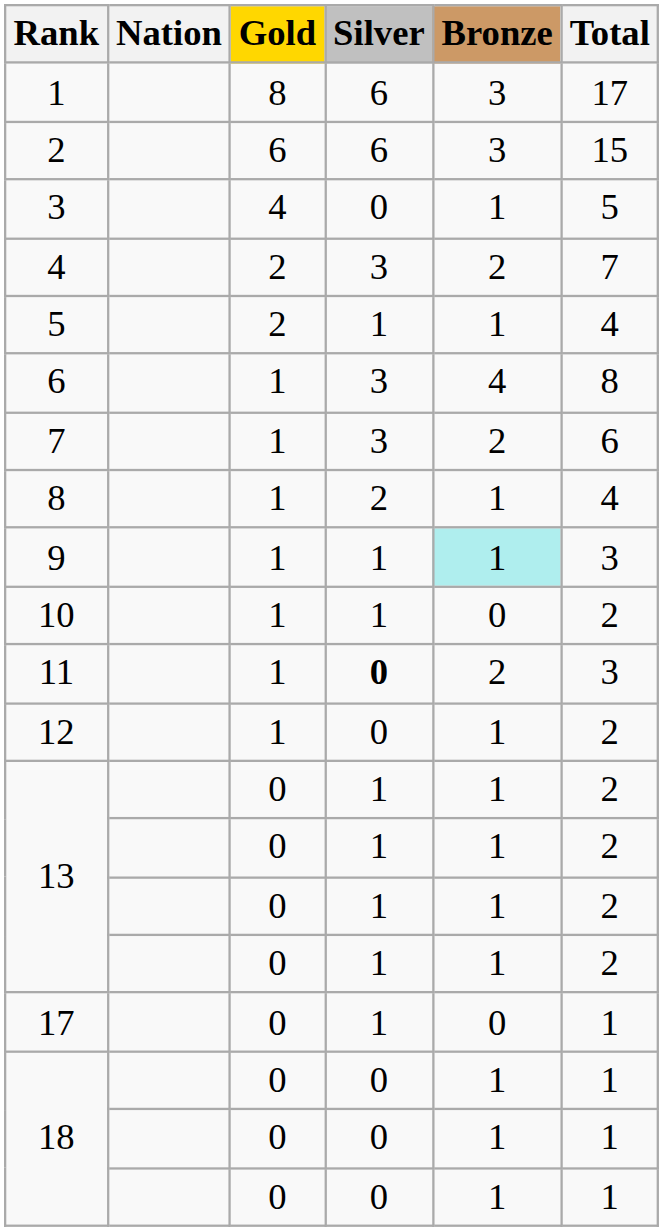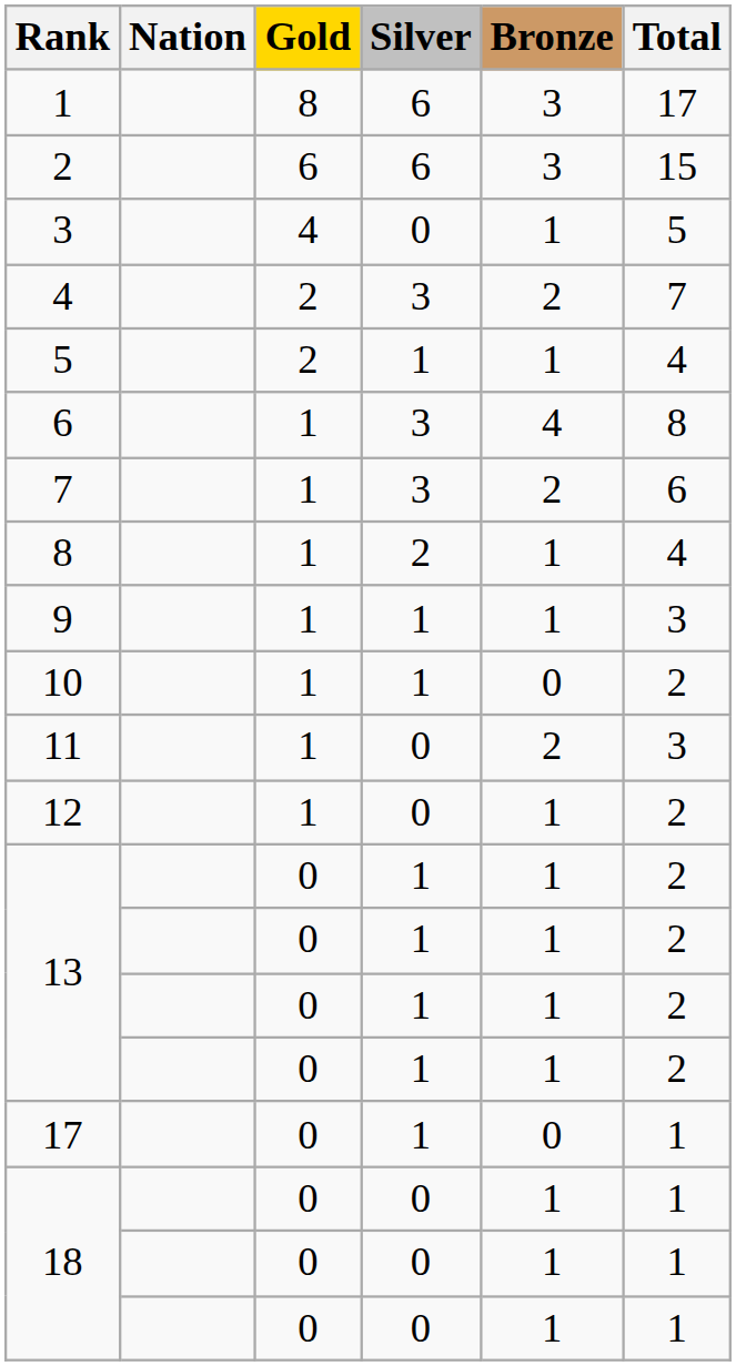 <table class="wikitable sortable" style="text-align:center">
 <tr>
 <th>Rank</th>
 <th>Nation</th>
 <th style="background-color:gold">Gold</th>
 <th style="background-color:silver">Silver</th>
 <th style="background-color:#cc9966">Bronze</th>
 <th>Total</th>
 </tr>
 <tr>
 <td>1</td>
 <td align=left></td>
 <td>8</td>
 <td>6</td>
 <td>3</td>
 <td>17</td>
 </tr>
 <tr>
 <td>2</td>
 <td align=left></td>
 <td>6</td>
 <td>6</td>
 <td>3</td>
 <td>15</td>
 </tr>
 <tr>
 <td>3</td>
 <td align=left></td>
 <td>4</td>
 <td>0</td>
 <td>1</td>
 <td>5</td>
 </tr>
 <tr>
 <td>4</td>
 <td align=left></td>
 <td>2</td>
 <td>3</td>
 <td>2</td>
 <td>7</td>
 </tr>
 <tr>
 <td>5</td>
 <td align=left></td>
 <td>2</td>
 <td>1</td>
 <td>1</td>
 <td>4</td>
 </tr>
 <tr>
 <td>6</td>
 <td align=left></td>
 <td>1</td>
 <td>3</td>
 <td>4</td>
 <td>8</td>
 </tr>
 <tr>
 <td>7</td>
 <td align=left></td>
 <td>1</td>
 <td>3</td>
 <td>2</td>
 <td>6</td>
 </tr>
 <tr>
 <td>8</td>
 <td align=left></td>
 <td>1</td>
 <td>2</td>
 <td>1</td>
 <td>4</td>
 </tr>
 <tr>
 <td>9</td>
 <td align=left></td>
 <td>1</td>
 <td>1</td>
-<td style="background: paleturquoise;">1</td>
+<td>1</td>
 <td>3</td>
 </tr>
 <tr>
 <td>10</td>
 <td align=left></td>
 <td>1</td>
 <td>1</td>
 <td>0</td>
 <td>2</td>
 </tr>
 <tr>
 <td>11</td>
 <td align=left></td>
 <td>1</td>
-<td><strong>0</strong></td>
+<td>0</td>
 <td>2</td>
 <td>3</td>
 </tr>
 <tr>
 <td>12</td>
 <td align=left></td>
 <td>1</td>
 <td>0</td>
 <td>1</td>
 <td>2</td>
 </tr>
 <tr>
 <td rowspan=4>13</td>
 <td align=left></td>
 <td>0</td>
 <td>1</td>
 <td>1</td>
 <td>2</td>
 </tr>
 <tr>
 <td align=left></td>
 <td>0</td>
 <td>1</td>
 <td>1</td>
 <td>2</td>
 </tr>
 <tr>
 <td align=left></td>
 <td>0</td>
 <td>1</td>
 <td>1</td>
 <td>2</td>
 </tr>
 <tr>
 <td align=left></td>
 <td>0</td>
 <td>1</td>
 <td>1</td>
 <td>2</td>
 </tr>
 <tr>
 <td>17</td>
 <td align=left></td>
 <td>0</td>
 <td>1</td>
 <td>0</td>
 <td>1</td>
 </tr>
 <tr>
 <td rowspan=3>18</td>
 <td align=left></td>
 <td>0</td>
 <td>0</td>
 <td>1</td>
 <td>1</td>
 </tr>
 <tr>
 <td align=left></td>
 <td>0</td>
 <td>0</td>
 <td>1</td>
 <td>1</td>
 </tr>
 <tr>
 <td align=left></td>
 <td>0</td>
 <td>0</td>
 <td>1</td>
 <td>1</td>
 </tr>
 </table>
